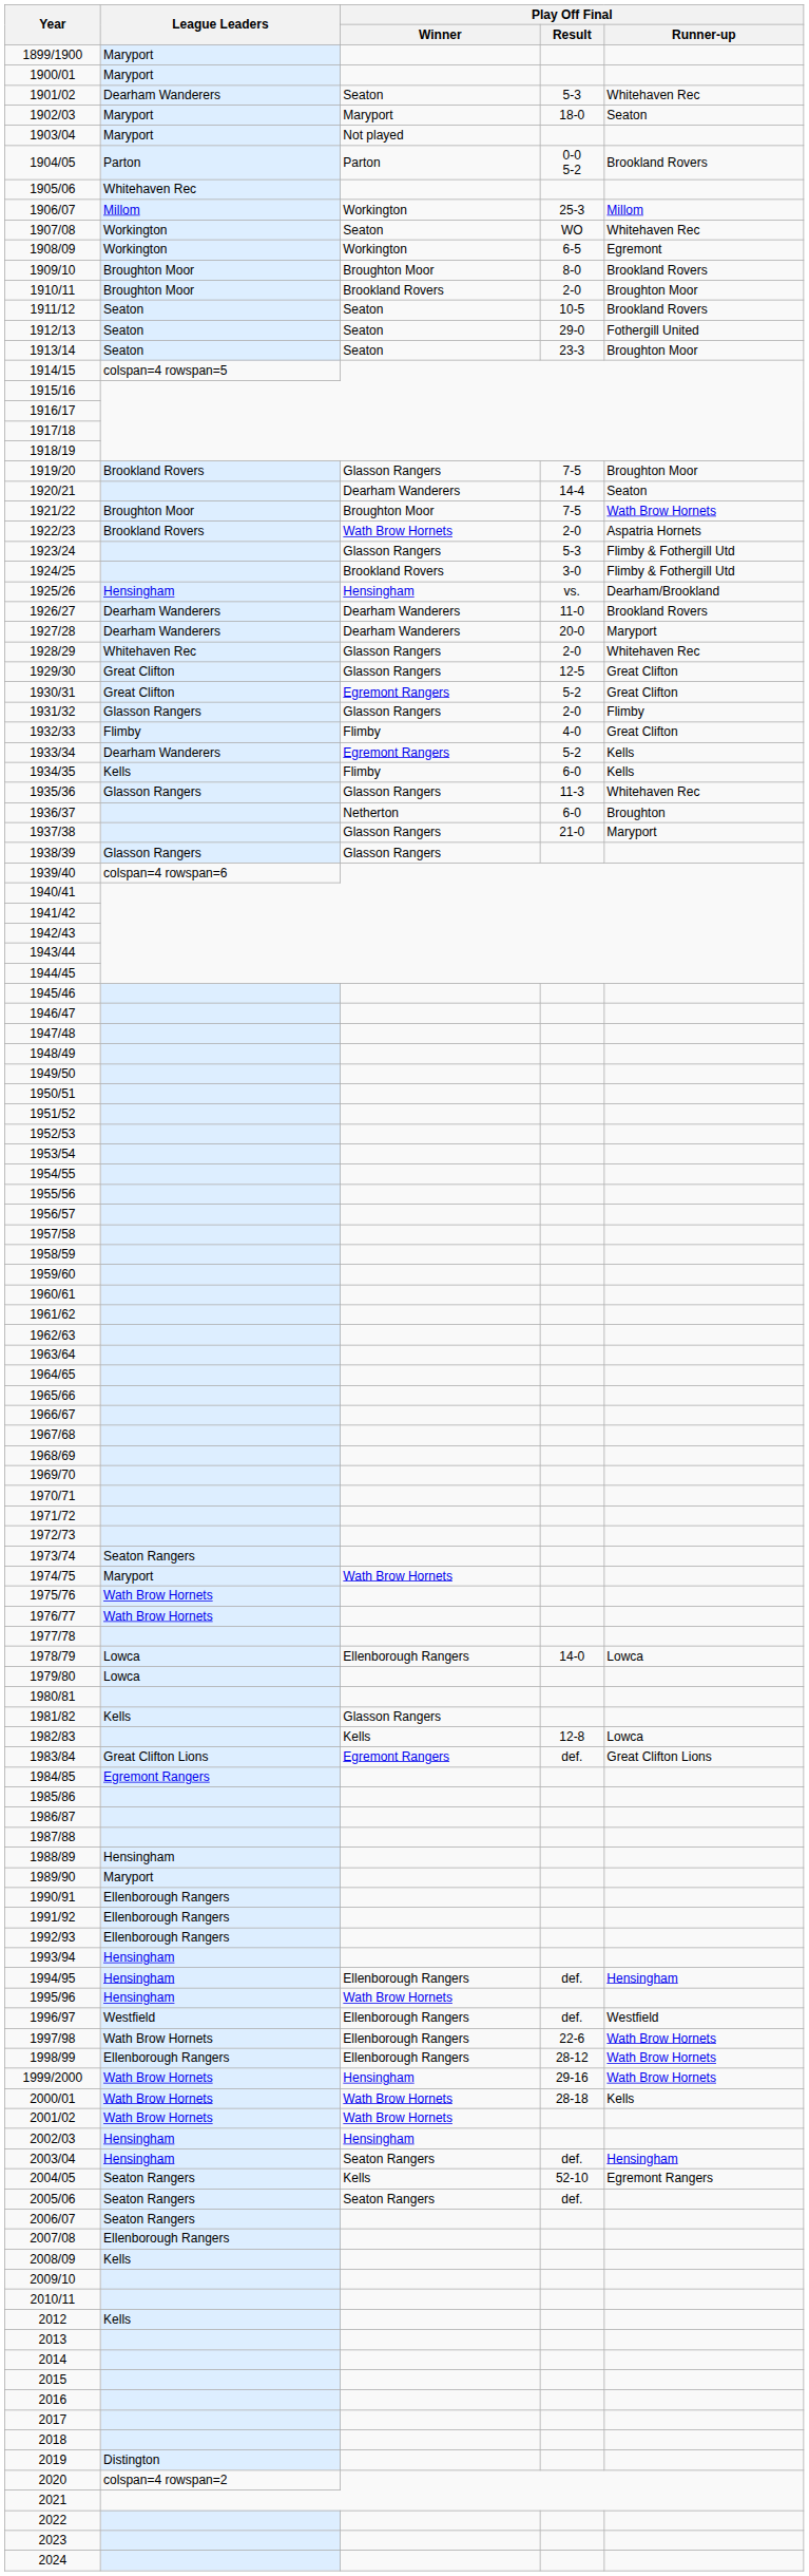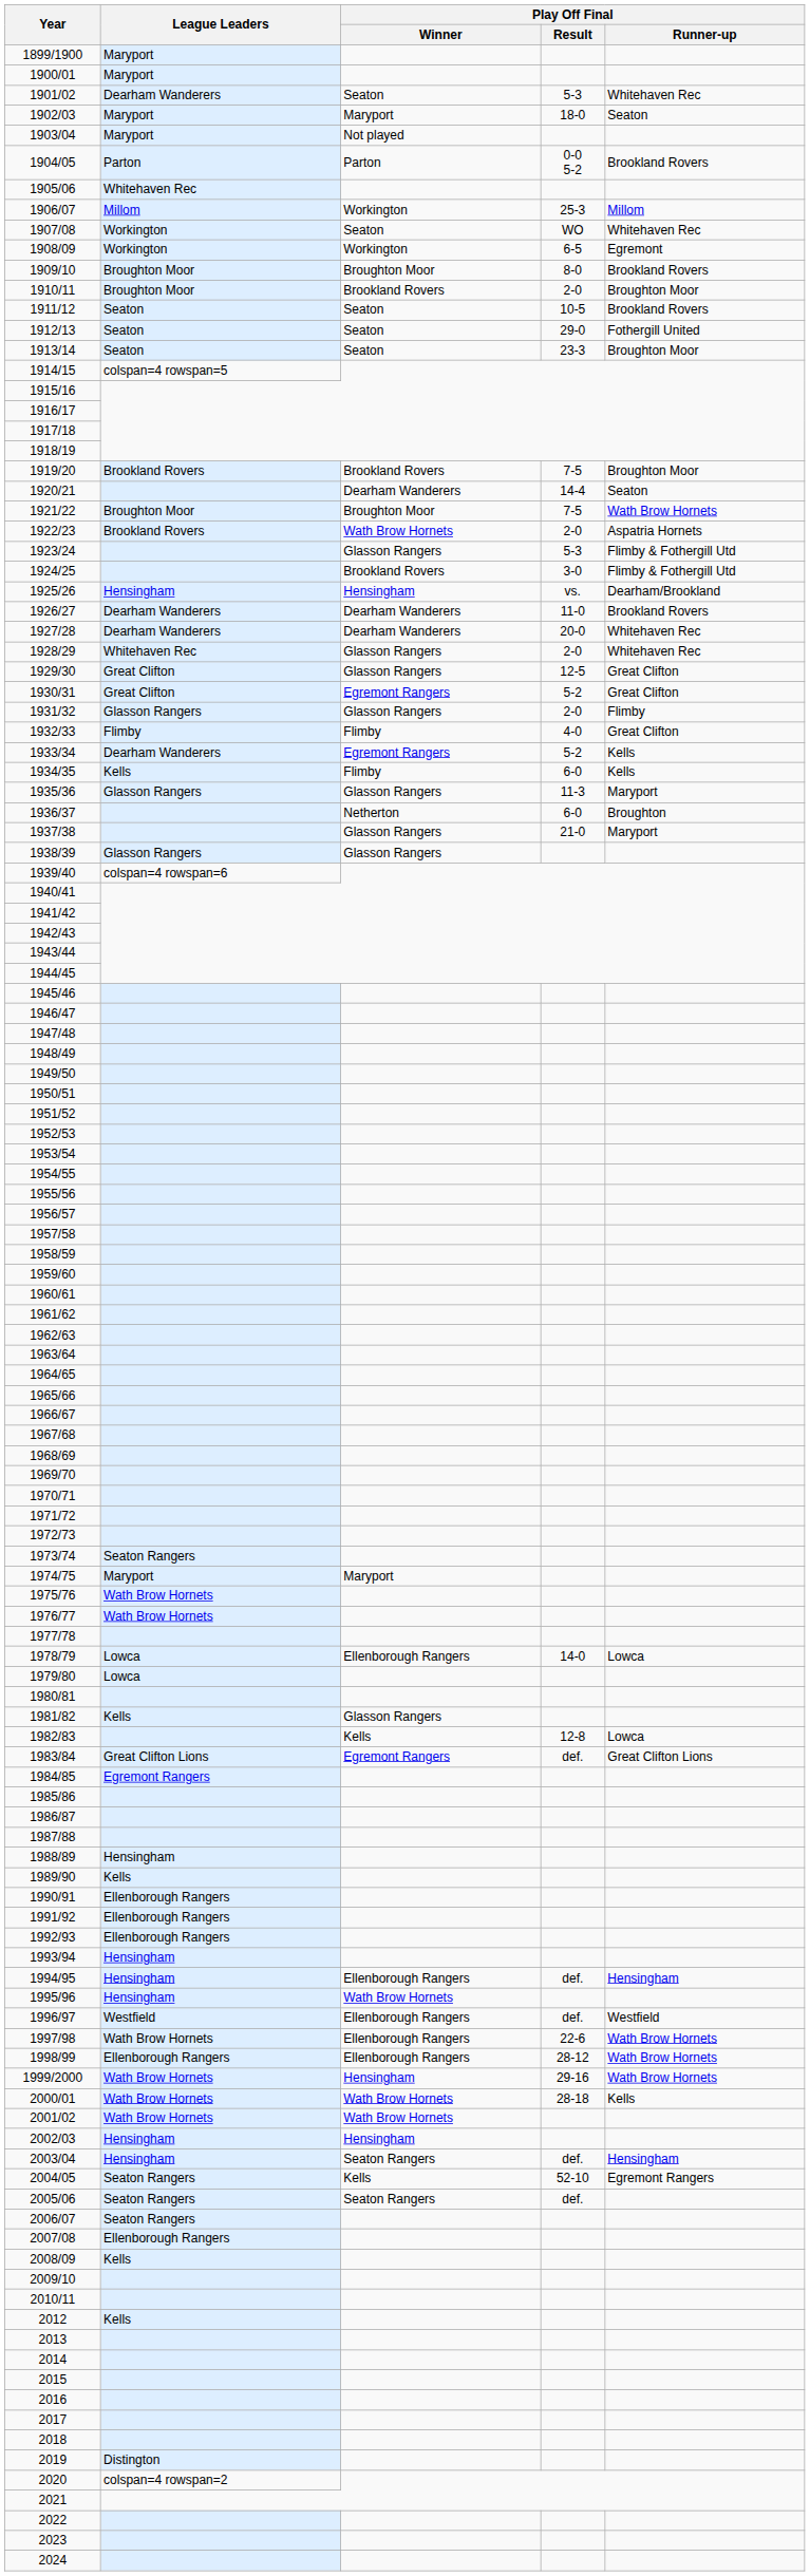 <table class="wikitable" style="width:80%;">
 <tr>
 <th rowspan=2 width=12%>Year</th>
 <th rowspan=2 width=30%>League Leaders</th>
 <th colspan=3>Play Off Final</th>
 </tr>
 <tr>
 <th width=25%>Winner</th>
 <th width=8%>Result</th>
 <th width=25%>Runner-up</th>
 </tr>
 <tr>
 <td align=center>1899/1900</td>
 <td style="background:#ddeeff">Maryport</td>
 <td></td>
 <td align=center></td>
 <td></td>
 </tr>
 <tr>
 <td align=center>1900/01</td>
 <td style="background:#ddeeff">Maryport</td>
 <td></td>
 <td align=center></td>
 <td></td>
 </tr>
 <tr>
 <td align=center>1901/02</td>
 <td style="background:#ddeeff">Dearham Wanderers</td>
 <td>Seaton</td>
 <td align=center>5-3</td>
 <td>Whitehaven Rec</td>
 </tr>
 <tr>
 <td align=center>1902/03</td>
 <td style="background:#ddeeff">Maryport</td>
 <td>Maryport</td>
 <td align=center>18-0</td>
 <td>Seaton</td>
 </tr>
 <tr>
 <td align=center>1903/04</td>
 <td style="background:#ddeeff">Maryport</td>
 <td>Not played</td>
 <td align=center></td>
 <td></td>
 </tr>
 <tr>
 <td align=center>1904/05</td>
 <td style="background:#ddeeff">Parton</td>
 <td>Parton</td>
 <td align=center>0-0<br>5-2</td>
 <td>Brookland Rovers</td>
 </tr>
 <tr>
 <td align=center>1905/06</td>
 <td style="background:#ddeeff">Whitehaven Rec</td>
 <td></td>
 <td align=center></td>
 <td></td>
 </tr>
 <tr>
 <td align=center>1906/07</td>
 <td style="background:#ddeeff"><a href='#'>Millom</a></td>
 <td>Workington</td>
 <td align=center>25-3</td>
 <td><a href='#'>Millom</a></td>
 </tr>
 <tr>
 <td align=center>1907/08</td>
 <td style="background:#ddeeff">Workington</td>
 <td>Seaton</td>
 <td align=center>WO</td>
 <td>Whitehaven Rec</td>
 </tr>
 <tr>
 <td align=center>1908/09</td>
 <td style="background:#ddeeff">Workington</td>
 <td>Workington</td>
 <td align=center>6-5</td>
 <td>Egremont</td>
 </tr>
 <tr>
 <td align=center>1909/10</td>
 <td style="background:#ddeeff">Broughton Moor</td>
 <td>Broughton Moor</td>
 <td align=center>8-0</td>
 <td>Brookland Rovers</td>
 </tr>
 <tr>
 <td align=center>1910/11</td>
 <td style="background:#ddeeff">Broughton Moor</td>
 <td>Brookland Rovers</td>
 <td align=center>2-0</td>
 <td>Broughton Moor</td>
 </tr>
 <tr>
 <td align=center>1911/12</td>
 <td style="background:#ddeeff">Seaton</td>
 <td>Seaton</td>
 <td align=center>10-5</td>
 <td>Brookland Rovers</td>
 </tr>
 <tr>
 <td align=center>1912/13</td>
 <td style="background:#ddeeff">Seaton</td>
 <td>Seaton</td>
 <td align=center>29-0</td>
 <td>Fothergill United</td>
 </tr>
 <tr>
 <td align=center>1913/14</td>
 <td style="background:#ddeeff">Seaton</td>
 <td>Seaton</td>
 <td align=center>23-3</td>
 <td>Broughton Moor</td>
 </tr>
 <tr>
 <td align=center>1914/15</td>
 <td>colspan=4 rowspan=5</td>
 </tr>
 <tr>
 <td align=center>1915/16</td>
 </tr>
 <tr>
 <td align=center>1916/17</td>
 </tr>
 <tr>
 <td align=center>1917/18</td>
 </tr>
 <tr>
 <td align=center>1918/19</td>
 </tr>
 <tr>
 <td align=center>1919/20</td>
 <td style="background:#ddeeff">Brookland Rovers</td>
-<td>Glasson Rangers</td>
+<td>Brookland Rovers</td>
 <td align=center>7-5</td>
 <td>Broughton Moor</td>
 </tr>
 <tr>
 <td align=center>1920/21</td>
 <td style="background:#ddeeff"></td>
 <td>Dearham Wanderers</td>
 <td align=center>14-4</td>
 <td>Seaton</td>
 </tr>
 <tr>
 <td align=center>1921/22</td>
 <td style="background:#ddeeff">Broughton Moor</td>
 <td>Broughton Moor</td>
 <td align=center>7-5</td>
 <td><a href='#'>Wath Brow Hornets</a></td>
 </tr>
 <tr>
 <td align=center>1922/23</td>
 <td style="background:#ddeeff">Brookland Rovers</td>
 <td><a href='#'>Wath Brow Hornets</a></td>
 <td align=center>2-0</td>
 <td>Aspatria Hornets</td>
 </tr>
 <tr>
 <td align=center>1923/24</td>
 <td style="background:#ddeeff"></td>
 <td>Glasson Rangers</td>
 <td align=center>5-3</td>
 <td>Flimby & Fothergill Utd</td>
 </tr>
 <tr>
 <td align=center>1924/25</td>
 <td style="background:#ddeeff"></td>
 <td>Brookland Rovers</td>
 <td align=center>3-0</td>
 <td>Flimby & Fothergill Utd</td>
 </tr>
 <tr>
 <td align=center>1925/26</td>
 <td style="background:#ddeeff"><a href='#'>Hensingham</a></td>
 <td><a href='#'>Hensingham</a></td>
 <td align=center>vs.</td>
 <td>Dearham/Brookland</td>
 </tr>
 <tr>
 <td align=center>1926/27</td>
 <td style="background:#ddeeff">Dearham Wanderers</td>
 <td>Dearham Wanderers</td>
 <td align=center>11-0</td>
 <td>Brookland Rovers</td>
 </tr>
 <tr>
 <td align=center>1927/28</td>
 <td style="background:#ddeeff">Dearham Wanderers</td>
 <td>Dearham Wanderers</td>
 <td align=center>20-0</td>
-<td>Maryport</td>
+<td>Whitehaven Rec</td>
 </tr>
 <tr>
 <td align=center>1928/29</td>
 <td style="background:#ddeeff">Whitehaven Rec</td>
 <td>Glasson Rangers</td>
 <td align=center>2-0</td>
 <td>Whitehaven Rec</td>
 </tr>
 <tr>
 <td align=center>1929/30</td>
 <td style="background:#ddeeff">Great Clifton</td>
 <td>Glasson Rangers</td>
 <td align=center>12-5</td>
 <td>Great Clifton</td>
 </tr>
 <tr>
 <td align=center>1930/31</td>
 <td style="background:#ddeeff">Great Clifton</td>
 <td><a href='#'>Egremont Rangers</a></td>
 <td align=center>5-2</td>
 <td>Great Clifton</td>
 </tr>
 <tr>
 <td align=center>1931/32</td>
 <td style="background:#ddeeff">Glasson Rangers</td>
 <td>Glasson Rangers</td>
 <td align=center>2-0</td>
 <td>Flimby</td>
 </tr>
 <tr>
 <td align=center>1932/33</td>
 <td style="background:#ddeeff">Flimby</td>
 <td>Flimby</td>
 <td align=center>4-0</td>
 <td>Great Clifton</td>
 </tr>
 <tr>
 <td align=center>1933/34</td>
 <td style="background:#ddeeff">Dearham Wanderers</td>
 <td><a href='#'>Egremont Rangers</a></td>
 <td align=center>5-2</td>
 <td>Kells</td>
 </tr>
 <tr>
 <td align=center>1934/35</td>
 <td style="background:#ddeeff">Kells</td>
 <td>Flimby</td>
 <td align=center>6-0</td>
 <td>Kells</td>
 </tr>
 <tr>
 <td align=center>1935/36</td>
 <td style="background:#ddeeff">Glasson Rangers</td>
 <td>Glasson Rangers</td>
 <td align=center>11-3</td>
-<td>Whitehaven Rec</td>
+<td>Maryport</td>
 </tr>
 <tr>
 <td align=center>1936/37</td>
 <td style="background:#ddeeff"></td>
 <td>Netherton</td>
 <td align=center>6-0</td>
 <td>Broughton</td>
 </tr>
 <tr>
 <td align=center>1937/38</td>
 <td style="background:#ddeeff"></td>
 <td>Glasson Rangers</td>
 <td align=center>21-0</td>
 <td>Maryport</td>
 </tr>
 <tr>
 <td align=center>1938/39</td>
 <td style="background:#ddeeff">Glasson Rangers</td>
 <td>Glasson Rangers</td>
 <td align=center></td>
 <td></td>
 </tr>
 <tr>
 <td align=center>1939/40</td>
 <td>colspan=4 rowspan=6</td>
 </tr>
 <tr>
 <td align=center>1940/41</td>
 </tr>
 <tr>
 <td align=center>1941/42</td>
 </tr>
 <tr>
 <td align=center>1942/43</td>
 </tr>
 <tr>
 <td align=center>1943/44</td>
 </tr>
 <tr>
 <td align=center>1944/45</td>
 </tr>
 <tr>
 <td align=center>1945/46</td>
 <td style="background:#ddeeff"></td>
 <td></td>
 <td align=center></td>
 <td></td>
 </tr>
 <tr>
 <td align=center>1946/47</td>
 <td style="background:#ddeeff"></td>
 <td></td>
 <td align=center></td>
 <td></td>
 </tr>
 <tr>
 <td align=center>1947/48</td>
 <td style="background:#ddeeff"></td>
 <td></td>
 <td align=center></td>
 <td></td>
 </tr>
 <tr>
 <td align=center>1948/49</td>
 <td style="background:#ddeeff"></td>
 <td></td>
 <td align=center></td>
 <td></td>
 </tr>
 <tr>
 <td align=center>1949/50</td>
 <td style="background:#ddeeff"></td>
 <td></td>
 <td align=center></td>
 <td></td>
 </tr>
 <tr>
 <td align=center>1950/51</td>
 <td style="background:#ddeeff"></td>
 <td></td>
 <td align=center></td>
 <td></td>
 </tr>
 <tr>
 <td align=center>1951/52</td>
 <td style="background:#ddeeff"></td>
 <td></td>
 <td align=center></td>
 <td></td>
 </tr>
 <tr>
 <td align=center>1952/53</td>
 <td style="background:#ddeeff"></td>
 <td></td>
 <td align=center></td>
 <td></td>
 </tr>
 <tr>
 <td align=center>1953/54</td>
 <td style="background:#ddeeff"></td>
 <td></td>
 <td align=center></td>
 <td></td>
 </tr>
 <tr>
 <td align=center>1954/55</td>
 <td style="background:#ddeeff"></td>
 <td></td>
 <td align=center></td>
 <td></td>
 </tr>
 <tr>
 <td align=center>1955/56</td>
 <td style="background:#ddeeff"></td>
 <td></td>
 <td align=center></td>
 <td></td>
 </tr>
 <tr>
 <td align=center>1956/57</td>
 <td style="background:#ddeeff"></td>
 <td></td>
 <td align=center></td>
 <td></td>
 </tr>
 <tr>
 <td align=center>1957/58</td>
 <td style="background:#ddeeff"></td>
 <td></td>
 <td align=center></td>
 <td></td>
 </tr>
 <tr>
 <td align=center>1958/59</td>
 <td style="background:#ddeeff"></td>
 <td></td>
 <td align=center></td>
 <td></td>
 </tr>
 <tr>
 <td align=center>1959/60</td>
 <td style="background:#ddeeff"></td>
 <td></td>
 <td align=center></td>
 <td></td>
 </tr>
 <tr>
 <td align=center>1960/61</td>
 <td style="background:#ddeeff"></td>
 <td></td>
 <td align=center></td>
 <td></td>
 </tr>
 <tr>
 <td align=center>1961/62</td>
 <td style="background:#ddeeff"></td>
 <td></td>
 <td align=center></td>
 <td></td>
 </tr>
 <tr>
 <td align=center>1962/63</td>
 <td style="background:#ddeeff"></td>
 <td></td>
 <td align=center></td>
 <td></td>
 </tr>
 <tr>
 <td align=center>1963/64</td>
 <td style="background:#ddeeff"></td>
 <td></td>
 <td align=center></td>
 <td></td>
 </tr>
 <tr>
 <td align=center>1964/65</td>
 <td style="background:#ddeeff"></td>
 <td></td>
 <td align=center></td>
 <td></td>
 </tr>
 <tr>
 <td align=center>1965/66</td>
 <td style="background:#ddeeff"></td>
 <td></td>
 <td align=center></td>
 <td></td>
 </tr>
 <tr>
 <td align=center>1966/67</td>
 <td style="background:#ddeeff"></td>
 <td></td>
 <td align=center></td>
 <td></td>
 </tr>
 <tr>
 <td align=center>1967/68</td>
 <td style="background:#ddeeff"></td>
 <td></td>
 <td align=center></td>
 <td></td>
 </tr>
 <tr>
 <td align=center>1968/69</td>
 <td style="background:#ddeeff"></td>
 <td></td>
 <td align=center></td>
 <td></td>
 </tr>
 <tr>
 <td align=center>1969/70</td>
 <td style="background:#ddeeff"></td>
 <td></td>
 <td align=center></td>
 <td></td>
 </tr>
 <tr>
 <td align=center>1970/71</td>
 <td style="background:#ddeeff"></td>
 <td></td>
 <td align=center></td>
 <td></td>
 </tr>
 <tr>
 <td align=center>1971/72</td>
 <td style="background:#ddeeff"></td>
 <td></td>
 <td align=center></td>
 <td></td>
 </tr>
 <tr>
 <td align=center>1972/73</td>
 <td style="background:#ddeeff"></td>
 <td></td>
 <td align=center></td>
 <td></td>
 </tr>
 <tr>
 <td align=center>1973/74</td>
 <td style="background:#ddeeff">Seaton Rangers</td>
 <td></td>
 <td align=center></td>
 <td></td>
 </tr>
 <tr>
 <td align=center>1974/75</td>
 <td style="background:#ddeeff">Maryport</td>
-<td><a href='#'>Wath Brow Hornets</a></td>
+<td>Maryport</td>
 <td align=center></td>
 <td></td>
 </tr>
 <tr>
 <td align=center>1975/76</td>
 <td style="background:#ddeeff"><a href='#'>Wath Brow Hornets</a></td>
 <td></td>
 <td align=center></td>
 <td></td>
 </tr>
 <tr>
 <td align=center>1976/77</td>
 <td style="background:#ddeeff"><a href='#'>Wath Brow Hornets</a></td>
 <td></td>
 <td align=center></td>
 <td></td>
 </tr>
 <tr>
 <td align=center>1977/78</td>
 <td style="background:#ddeeff"></td>
 <td></td>
 <td align=center></td>
 <td></td>
 </tr>
 <tr>
 <td align=center>1978/79</td>
 <td style="background:#ddeeff">Lowca</td>
 <td>Ellenborough Rangers</td>
 <td align=center>14-0</td>
 <td>Lowca</td>
 </tr>
 <tr>
 <td align=center>1979/80</td>
 <td style="background:#ddeeff">Lowca</td>
 <td></td>
 <td align=center></td>
 <td></td>
 </tr>
 <tr>
 <td align=center>1980/81</td>
 <td style="background:#ddeeff"></td>
 <td align=center></td>
 <td></td>
 <td></td>
 </tr>
 <tr>
 <td align=center>1981/82</td>
 <td style="background:#ddeeff">Kells</td>
 <td>Glasson Rangers</td>
 <td align=center></td>
 <td></td>
 </tr>
 <tr>
 <td align=center>1982/83</td>
 <td style="background:#ddeeff"></td>
 <td>Kells</td>
 <td align=center>12-8</td>
 <td>Lowca</td>
 </tr>
 <tr>
 <td align=center>1983/84</td>
 <td style="background:#ddeeff">Great Clifton Lions</td>
 <td><a href='#'>Egremont Rangers</a></td>
 <td align=center>def.</td>
 <td>Great Clifton Lions</td>
 </tr>
 <tr>
 <td align=center>1984/85</td>
 <td style="background:#ddeeff"><a href='#'>Egremont Rangers</a></td>
 <td></td>
 <td align=center></td>
 <td></td>
 </tr>
 <tr>
 <td align=center>1985/86</td>
 <td style="background:#ddeeff"></td>
 <td align=center></td>
 <td></td>
 <td></td>
 </tr>
 <tr>
 <td align=center>1986/87</td>
 <td style="background:#ddeeff"></td>
 <td align=center></td>
 <td></td>
 <td></td>
 </tr>
 <tr>
 <td align=center>1987/88</td>
 <td style="background:#ddeeff"></td>
 <td align=center></td>
 <td></td>
 <td></td>
 </tr>
 <tr>
 <td align=center>1988/89</td>
 <td style="background:#ddeeff">Hensingham</td>
 <td align=center></td>
 <td></td>
 <td></td>
 </tr>
 <tr>
 <td align=center>1989/90</td>
-<td style="background:#ddeeff">Maryport</td>
+<td style="background:#ddeeff">Kells</td>
 <td align=center></td>
 <td></td>
 <td></td>
 </tr>
 <tr>
 <td align=center>1990/91</td>
 <td style="background:#ddeeff">Ellenborough Rangers</td>
 <td align=center></td>
 <td></td>
 <td></td>
 </tr>
 <tr>
 <td align=center>1991/92</td>
 <td style="background:#ddeeff">Ellenborough Rangers</td>
 <td align=center></td>
 <td></td>
 <td></td>
 </tr>
 <tr>
 <td align=center>1992/93</td>
 <td style="background:#ddeeff">Ellenborough Rangers</td>
 <td align=center></td>
 <td></td>
 <td></td>
 </tr>
 <tr>
 <td align=center>1993/94</td>
 <td style="background:#ddeeff"><a href='#'>Hensingham</a></td>
 <td align=center></td>
 <td></td>
 <td></td>
 </tr>
 <tr>
 <td align=center>1994/95</td>
 <td style="background:#ddeeff"><a href='#'>Hensingham</a></td>
 <td>Ellenborough Rangers</td>
 <td align=center>def.</td>
 <td><a href='#'>Hensingham</a></td>
 </tr>
 <tr>
 <td align=center>1995/96</td>
 <td style="background:#ddeeff"><a href='#'>Hensingham</a></td>
 <td><a href='#'>Wath Brow Hornets</a></td>
 <td align=center></td>
 <td></td>
 </tr>
 <tr>
 <td align=center>1996/97</td>
 <td style="background:#ddeeff">Westfield</td>
 <td>Ellenborough Rangers</td>
 <td align=center>def.</td>
 <td>Westfield</td>
 </tr>
 <tr>
 <td align=center>1997/98</td>
 <td style="background:#ddeeff">Wath Brow Hornets</td>
 <td>Ellenborough Rangers</td>
 <td align=center>22-6</td>
 <td><a href='#'>Wath Brow Hornets</a></td>
 </tr>
 <tr>
 <td align=center>1998/99</td>
 <td style="background:#ddeeff">Ellenborough Rangers</td>
 <td>Ellenborough Rangers</td>
 <td align=center>28-12</td>
 <td><a href='#'>Wath Brow Hornets</a></td>
 </tr>
 <tr>
 <td align=center>1999/2000</td>
 <td style="background:#ddeeff"><a href='#'>Wath Brow Hornets</a></td>
 <td><a href='#'>Hensingham</a></td>
 <td align=center>29-16</td>
 <td><a href='#'>Wath Brow Hornets</a></td>
 </tr>
 <tr>
 <td align=center>2000/01</td>
 <td style="background:#ddeeff"><a href='#'>Wath Brow Hornets</a></td>
 <td><a href='#'>Wath Brow Hornets</a></td>
 <td align=center>28-18</td>
 <td>Kells</td>
 </tr>
 <tr>
 <td align=center>2001/02</td>
 <td style="background:#ddeeff"><a href='#'>Wath Brow Hornets</a></td>
 <td><a href='#'>Wath Brow Hornets</a></td>
 <td align=center></td>
 <td></td>
 </tr>
 <tr>
 <td align=center>2002/03</td>
 <td style="background:#ddeeff"><a href='#'>Hensingham</a></td>
 <td><a href='#'>Hensingham</a></td>
 <td align=center></td>
 <td></td>
 </tr>
 <tr>
 <td align=center>2003/04</td>
 <td style="background:#ddeeff"><a href='#'>Hensingham</a></td>
 <td>Seaton Rangers</td>
 <td align=center>def.</td>
 <td><a href='#'>Hensingham</a></td>
 </tr>
 <tr>
 <td align=center>2004/05</td>
 <td style="background:#ddeeff">Seaton Rangers</td>
 <td>Kells</td>
 <td align=center>52-10</td>
 <td>Egremont Rangers</td>
 </tr>
 <tr>
 <td align=center>2005/06</td>
 <td style="background:#ddeeff">Seaton Rangers</td>
 <td>Seaton Rangers</td>
 <td align=center>def.</td>
 <td></td>
 </tr>
 <tr>
 <td align=center>2006/07</td>
 <td style="background:#ddeeff">Seaton Rangers</td>
 <td></td>
 <td align=center></td>
 <td></td>
 </tr>
 <tr>
 <td align=center>2007/08</td>
 <td style="background:#ddeeff">Ellenborough Rangers</td>
 <td></td>
 <td align=center></td>
 <td></td>
 </tr>
 <tr>
 <td align=center>2008/09</td>
 <td style="background:#ddeeff">Kells</td>
 <td></td>
 <td align=center></td>
 <td></td>
 </tr>
 <tr>
 <td align=center>2009/10</td>
 <td style="background:#ddeeff"></td>
 <td></td>
 <td align=center></td>
 <td></td>
 </tr>
 <tr>
 <td align=center>2010/11</td>
 <td style="background:#ddeeff"></td>
 <td></td>
 <td align=center></td>
 <td></td>
 </tr>
 <tr>
 <td align=center>2012</td>
 <td style="background:#ddeeff">Kells</td>
 <td></td>
 <td align=center></td>
 <td></td>
 </tr>
 <tr>
 <td align=center>2013</td>
 <td style="background:#ddeeff"></td>
 <td></td>
 <td align=center></td>
 <td></td>
 </tr>
 <tr>
 <td align=center>2014</td>
 <td style="background:#ddeeff"></td>
 <td></td>
 <td align=center></td>
 <td></td>
 </tr>
 <tr>
 <td align=center>2015</td>
 <td style="background:#ddeeff"></td>
 <td></td>
 <td align=center></td>
 <td></td>
 </tr>
 <tr>
 <td align=center>2016</td>
 <td style="background:#ddeeff"></td>
 <td></td>
 <td align=center></td>
 <td></td>
 </tr>
 <tr>
 <td align=center>2017</td>
 <td style="background:#ddeeff"></td>
 <td></td>
 <td align=center></td>
 <td></td>
 </tr>
 <tr>
 <td align=center>2018</td>
 <td style="background:#ddeeff"></td>
 <td></td>
 <td align=center></td>
 <td></td>
 </tr>
 <tr>
 <td align=center>2019</td>
 <td style="background:#ddeeff">Distington</td>
 <td></td>
 <td align=center></td>
 <td></td>
 </tr>
 <tr>
 <td align=center>2020</td>
 <td>colspan=4 rowspan=2</td>
 </tr>
 <tr>
 <td align=center>2021</td>
 </tr>
 <tr>
 <td align=center>2022</td>
 <td style="background:#ddeeff"></td>
 <td></td>
 <td align=center></td>
 <td></td>
 </tr>
 <tr>
 <td align=center>2023</td>
 <td style="background:#ddeeff"></td>
 <td></td>
 <td align=center></td>
 <td></td>
 </tr>
 <tr>
 <td align=center>2024</td>
 <td style="background:#ddeeff"></td>
 <td></td>
 <td align=center></td>
 <td></td>
 </tr>
 </table>
